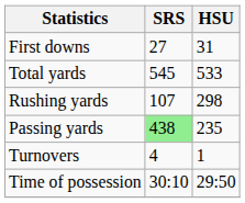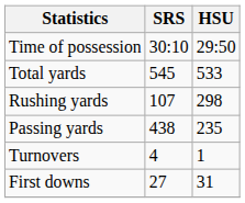 <table class="wikitable" style="float: left;">
 <tr>
 <th>Statistics</th>
 <th>SRS</th>
 <th>HSU</th>
 </tr>
 <tr>
-<td>First downs</td>
-<td>27</td>
-<td>31</td>
+<td>Time of possession</td>
+<td>30:10</td>
+<td>29:50</td>
 </tr>
 <tr>
 <td>Total yards</td>
 <td>545</td>
 <td>533</td>
 </tr>
 <tr>
 <td>Rushing yards</td>
 <td>107</td>
 <td>298</td>
 </tr>
 <tr>
 <td>Passing yards</td>
-<td style="background: lightgreen;">438</td>
+<td>438</td>
 <td>235</td>
 </tr>
 <tr>
 <td>Turnovers</td>
 <td>4</td>
 <td>1</td>
 </tr>
 <tr>
-<td>Time of possession</td>
-<td>30:10</td>
-<td>29:50</td>
+<td>First downs</td>
+<td>27</td>
+<td>31</td>
 </tr>
 <tr>
 </tr>
 </table>
